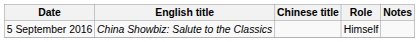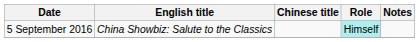 <table class="wikitable">
 <tr>
 <th>Date</th>
 <th>English title</th>
 <th>Chinese title</th>
 <th>Role</th>
 <th>Notes</th>
 </tr>
 <tr>
 <td>5 September 2016</td>
 <td><em>China Showbiz: Salute to the Classics</em></td>
 <td></td>
-<td>Himself</td>
+<td style="background: paleturquoise;">Himself</td>
 <td></td>
 </tr>
 <tr>
 </tr>
 </table>
